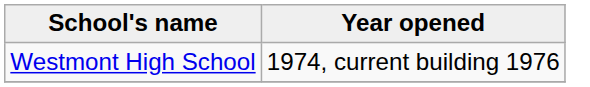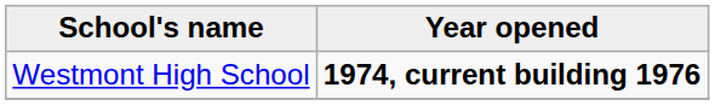 <table class="wikitable">
 <tr>
 <th style="background:#efefef;">School's name</th>
 <th style="background:#efefef;">Year opened</th>
 </tr>
 <tr>
 <td><a href='#'>Westmont High School</a></td>
-<td>1974, current building 1976</td>
+<td><strong>1974, current building 1976</strong></td>
 </tr>
 <tr>
 </tr>
 </table>
